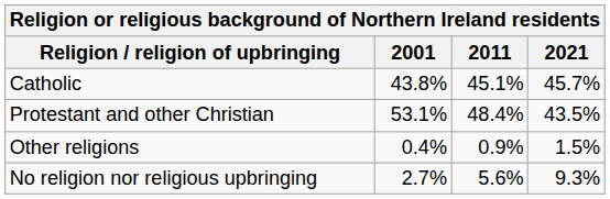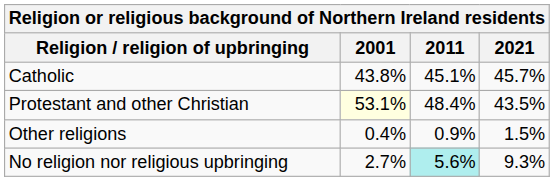 <table class="wikitable sortable" style="text-align:right">
 <tr>
 <th colspan=5>Religion or religious background of Northern Ireland residents</th>
 </tr>
 <tr>
 <th rowspan="2">Religion / religion of upbringing</th>
 <th rowspan="2">2001</th>
 <th rowspan="2">2011</th>
 <th rowspan="2">2021</th>
 </tr>
 <tr style="font-size:85%">
 </tr>
 <tr>
 <td style="text-align:left">Catholic</td>
 <td>43.8%</td>
 <td>45.1%</td>
 <td>45.7%</td>
 </tr>
 <tr>
 <td style="text-align:left">Protestant and other Christian</td>
-<td>53.1%</td>
+<td style="background: lightyellow;">53.1%</td>
 <td>48.4%</td>
 <td>43.5%</td>
 </tr>
 <tr>
 <td style="text-align:left">Other religions</td>
 <td>0.4%</td>
 <td>0.9%</td>
 <td>1.5%</td>
 </tr>
 <tr>
 <td style="text-align:left">No religion nor religious upbringing</td>
 <td>2.7%</td>
-<td>5.6%</td>
+<td style="background: paleturquoise;">5.6%</td>
 <td>9.3%</td>
 </tr>
 </table>
